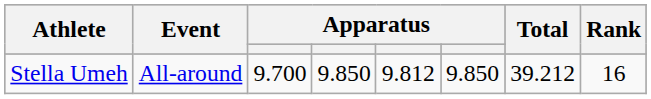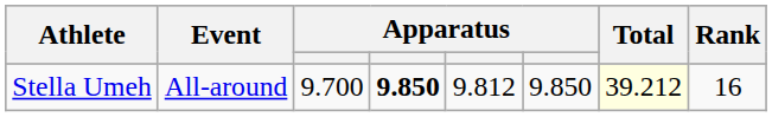 <table class="wikitable" style="font-size:90%">
 <tr>
 <th rowspan=2>Athlete</th>
 <th rowspan=2>Event</th>
 <th colspan=4>Apparatus</th>
 <th rowspan=2>Total</th>
 <th rowspan=2>Rank</th>
 </tr>
 <tr style="font-size:95%">
 <th></th>
 <th></th>
 <th></th>
 <th></th>
 </tr>
 <tr align=center>
 <td align=left><a href='#'>Stella Umeh</a></td>
 <td align=left><a href='#'>All-around</a></td>
 <td>9.700</td>
-<td>9.850</td>
+<td><strong>9.850</strong></td>
 <td>9.812</td>
 <td>9.850</td>
-<td>39.212</td>
+<td style="background: lightyellow;">39.212</td>
 <td>16</td>
 </tr>
 </table>
